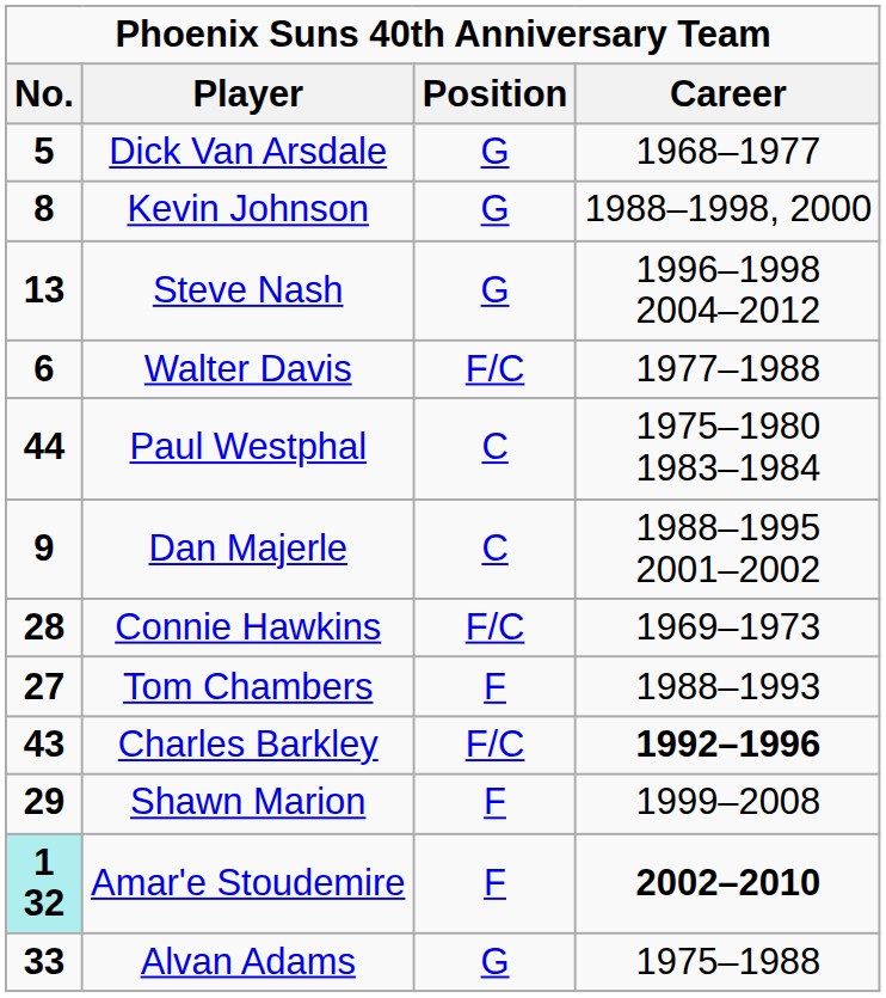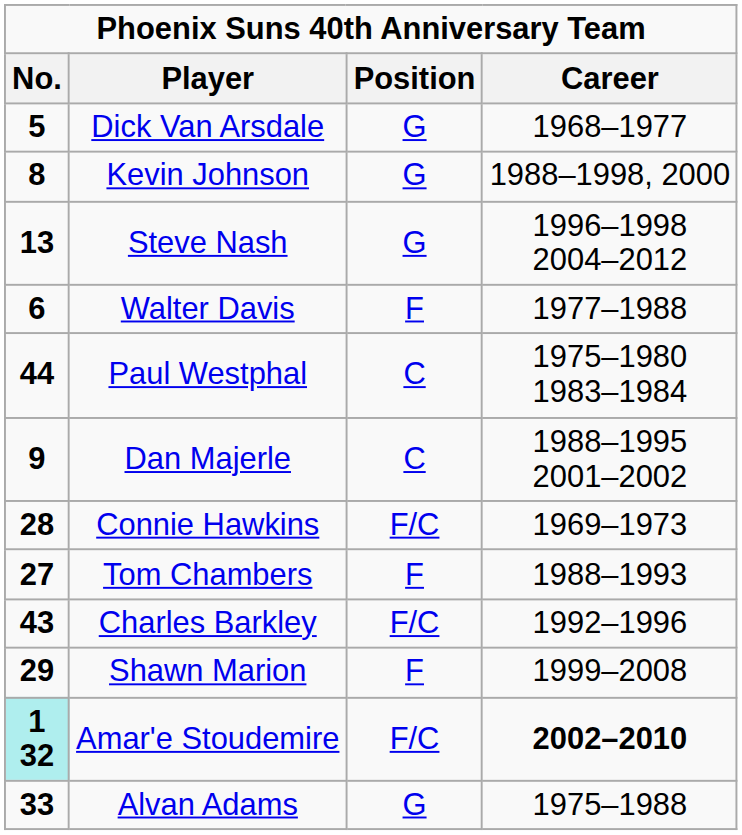 <table class="wikitable sortable" style="text-align:center">
 <tr>
 <td colspan="4"><strong>Phoenix Suns 40th Anniversary Team</strong></td>
 </tr>
 <tr>
 <th>No.</th>
 <th>Player</th>
 <th>Position</th>
 <th>Career</th>
 </tr>
 <tr>
 <td><strong>5</strong></td>
 <td><a href='#'>Dick Van Arsdale</a></td>
 <td><a href='#'>G</a></td>
 <td>1968–1977</td>
 </tr>
 <tr>
 <td><strong>8</strong></td>
 <td><a href='#'>Kevin Johnson</a></td>
 <td><a href='#'>G</a></td>
 <td>1988–1998, 2000</td>
 </tr>
 <tr>
 <td><strong>13</strong></td>
 <td><a href='#'>Steve Nash</a></td>
 <td><a href='#'>G</a></td>
 <td>1996–1998<br>2004–2012</td>
 </tr>
 <tr>
 <td><strong>6</strong></td>
 <td><a href='#'>Walter Davis</a></td>
-<td><a href='#'>F/C</a></td>
+<td><a href='#'>F</a></td>
 <td>1977–1988</td>
 </tr>
 <tr>
 <td><strong>44</strong></td>
 <td><a href='#'>Paul Westphal</a></td>
 <td><a href='#'>C</a></td>
 <td>1975–1980<br>1983–1984</td>
 </tr>
 <tr>
 <td><strong>9</strong></td>
 <td><a href='#'>Dan Majerle</a></td>
 <td><a href='#'>C</a></td>
 <td>1988–1995<br>2001–2002</td>
 </tr>
 <tr>
 <td><strong>28</strong></td>
 <td><a href='#'>Connie Hawkins</a></td>
 <td><a href='#'>F/C</a></td>
 <td>1969–1973</td>
 </tr>
 <tr>
 <td><strong>27</strong></td>
 <td><a href='#'>Tom Chambers</a></td>
 <td><a href='#'>F</a></td>
 <td>1988–1993</td>
 </tr>
 <tr>
 <td><strong>43</strong></td>
 <td><a href='#'>Charles Barkley</a></td>
 <td><a href='#'>F/C</a></td>
-<td><strong>1992–1996</strong></td>
+<td>1992–1996</td>
 </tr>
 <tr>
 <td><strong>29</strong></td>
 <td><a href='#'>Shawn Marion</a></td>
 <td><a href='#'>F</a></td>
 <td>1999–2008</td>
 </tr>
 <tr>
 <td style="background: paleturquoise;"><strong>1</strong><br><strong>32</strong></td>
 <td><a href='#'>Amar'e Stoudemire</a></td>
-<td><a href='#'>F</a></td>
+<td><a href='#'>F/C</a></td>
 <td><strong>2002–2010</strong></td>
 </tr>
 <tr>
 <td><strong>33</strong></td>
 <td><a href='#'>Alvan Adams</a></td>
 <td><a href='#'>G</a></td>
 <td>1975–1988</td>
 </tr>
 </table>
